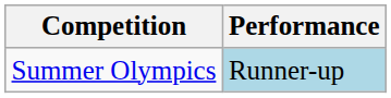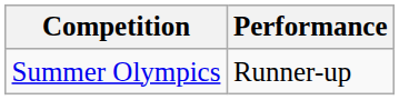 <table class="wikitable">
 <tr>
 <th>Competition</th>
 <th>Performance</th>
 </tr>
 <tr>
 <td><a href='#'>Summer Olympics</a></td>
-<td style="background: lightblue;">Runner-up</td>
+<td>Runner-up</td>
 </tr>
 </table>
